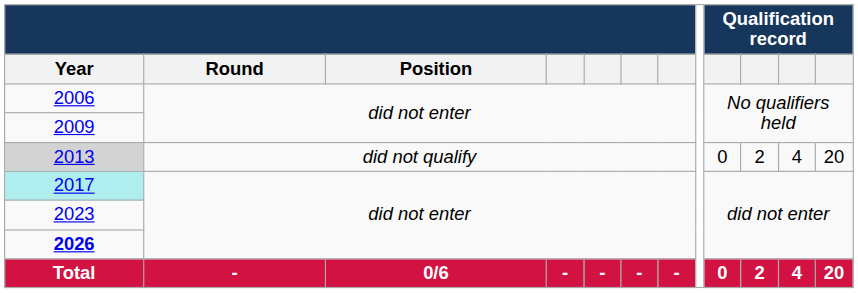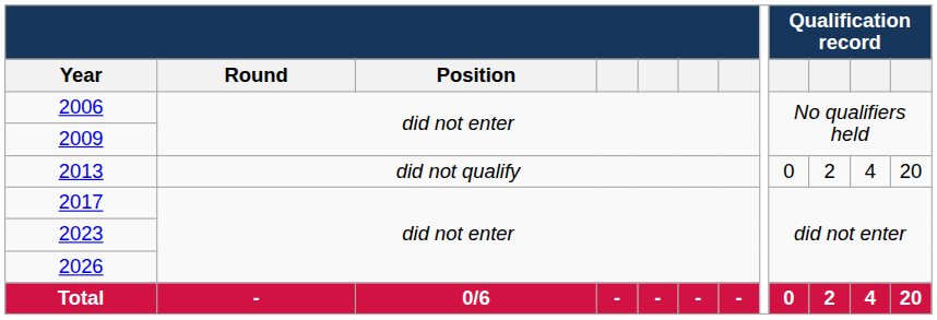 <table class="wikitable" style="text-align: center;">
 <tr>
 <th style="background:#16365C;" colspan="7"><a href='#'></a></th>
 <th style="background:white; width:1%;" rowspan="9"></th>
 <th style="background:#16365C; color:white;" colspan="5">Qualification record</th>
 </tr>
 <tr>
 <th>Year</th>
 <th>Round</th>
 <th>Position</th>
 <th width=25></th>
 <th width=25></th>
 <th width=25></th>
 <th width=25></th>
 <th width=25></th>
 <th width=25></th>
 <th width=25></th>
 <th width=25></th>
 </tr>
 <tr>
 <td><a href='#'>2006</a></td>
 <td colspan=6 rowspan=2><em>did not enter</em></td>
 <td colspan=4 rowspan=2 align=center><em>No qualifiers held</em></td>
 </tr>
 <tr>
 <td><a href='#'>2009</a></td>
 </tr>
 <tr>
-<td style="background: lightgrey;"><a href='#'>2013</a></td>
+<td><a href='#'>2013</a></td>
 <td colspan=6 align=center><em>did not qualify</em></td>
 <td>0</td>
 <td>2</td>
 <td>4</td>
 <td>20</td>
 </tr>
 <tr>
-<td style="background: paleturquoise;"><a href='#'>2017</a></td>
+<td><a href='#'>2017</a></td>
 <td colspan=6 rowspan=3 align=center><em>did not enter</em></td>
 <td colspan=4 rowspan=3 align=center><em>did not enter</em></td>
 </tr>
 <tr>
 <td><a href='#'>2023</a></td>
 </tr>
 <tr>
-<td><strong><a href='#'>2026</a></strong></td>
+<td><a href='#'>2026</a></td>
 </tr>
 <tr>
 <th style="color:white; background:#d21242;"><strong>Total</strong></th>
 <th style="color:white; background:#d21242;"><strong>-</strong></th>
 <th style="color:white; background:#d21242;"><strong>0/6</strong></th>
 <th style="color:white; background:#d21242;"><strong>-</strong></th>
 <th style="color:white; background:#d21242;"><strong>-</strong></th>
 <th style="color:white; background:#d21242;"><strong>-</strong></th>
 <th style="color:white; background:#d21242;"><strong>-</strong></th>
 <th style="color:white; background:#d21242;"><strong>0</strong></th>
 <th style="color:white; background:#d21242;"><strong>2</strong></th>
 <th style="color:white; background:#d21242;"><strong>4</strong></th>
 <th style="color:white; background:#d21242;"><strong>20</strong></th>
 </tr>
 </table>
